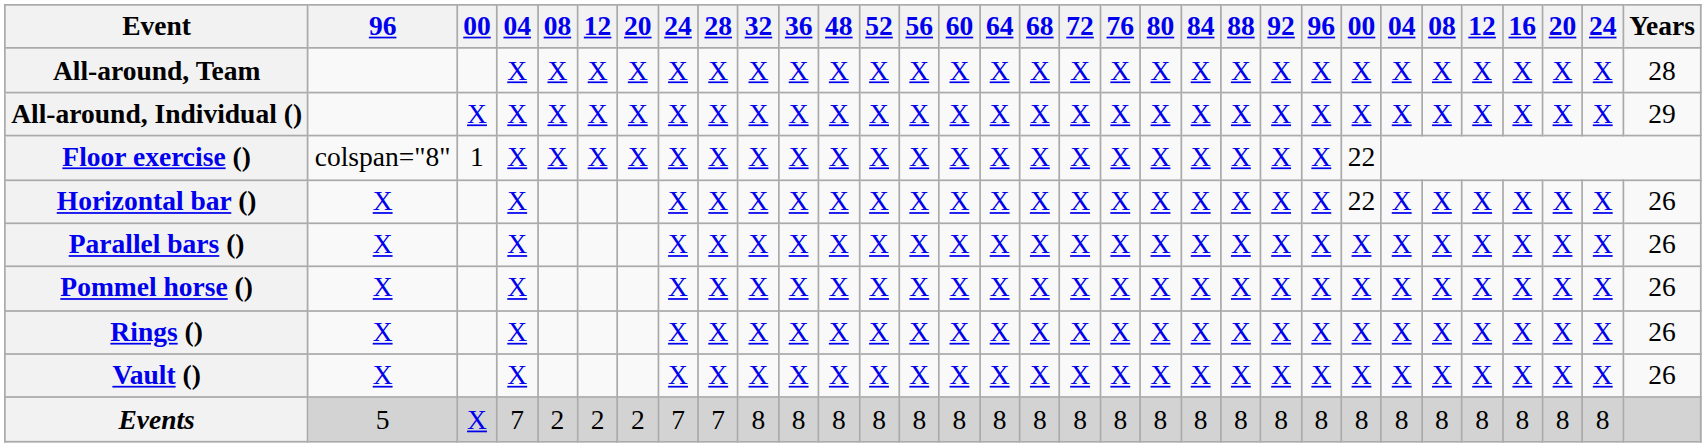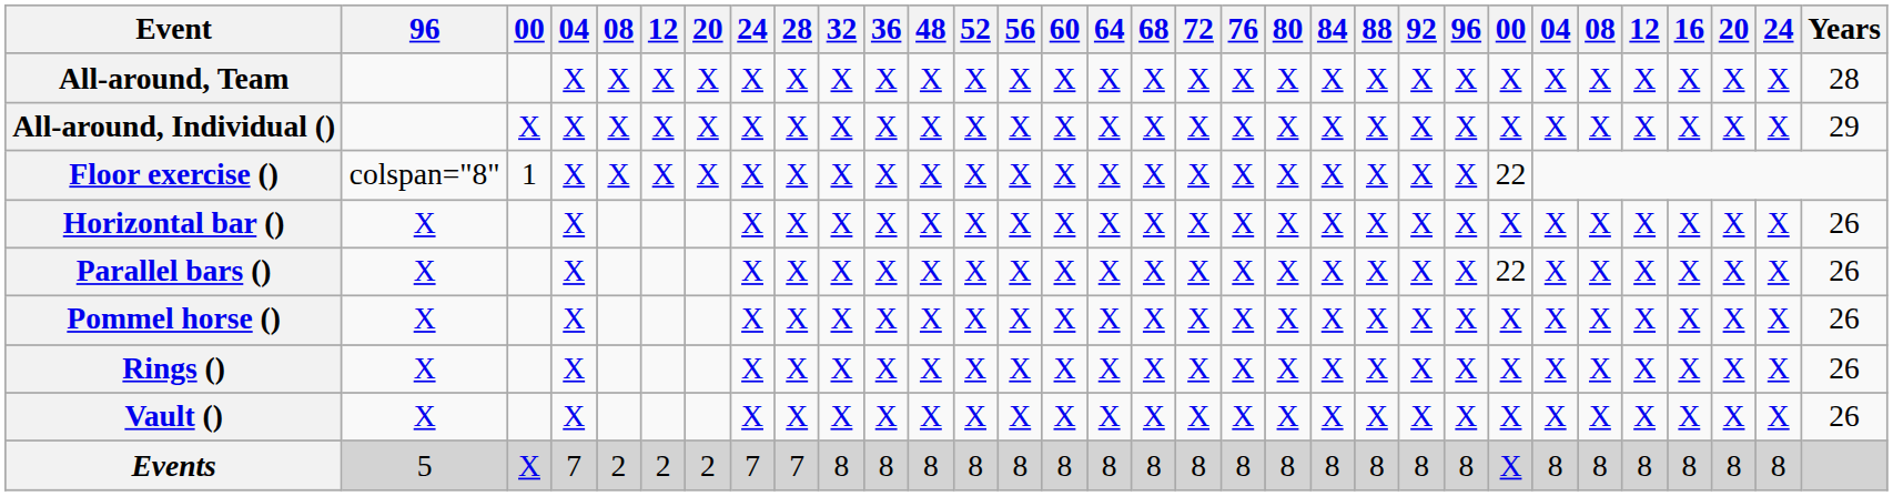 <table class="wikitable plainrowheaders sticky-header" style="text-align:center;">
 <tr>
 <th scope="col">Event</th>
 <th scope="col"><a href='#'>96</a></th>
 <th scope="col"><a href='#'>00</a></th>
 <th scope="col"><a href='#'>04</a></th>
 <th scope="col"><a href='#'>08</a></th>
 <th scope="col"><a href='#'>12</a></th>
 <th scope="col"><a href='#'>20</a></th>
 <th scope="col"><a href='#'>24</a></th>
 <th scope="col"><a href='#'>28</a></th>
 <th scope="col"><a href='#'>32</a></th>
 <th scope="col"><a href='#'>36</a></th>
 <th scope="col"><a href='#'>48</a></th>
 <th scope="col"><a href='#'>52</a></th>
 <th scope="col"><a href='#'>56</a></th>
 <th scope="col"><a href='#'>60</a></th>
 <th scope="col"><a href='#'>64</a></th>
 <th scope="col"><a href='#'>68</a></th>
 <th scope="col"><a href='#'>72</a></th>
 <th scope="col"><a href='#'>76</a></th>
 <th scope="col"><a href='#'>80</a></th>
 <th scope="col"><a href='#'>84</a></th>
 <th scope="col"><a href='#'>88</a></th>
 <th scope="col"><a href='#'>92</a></th>
 <th scope="col"><a href='#'>96</a></th>
 <th scope="col"><a href='#'>00</a></th>
 <th scope="col"><a href='#'>04</a></th>
 <th scope="col"><a href='#'>08</a></th>
 <th scope="col"><a href='#'>12</a></th>
 <th scope="col"><a href='#'>16</a></th>
 <th scope="col"><a href='#'>20</a></th>
 <th scope="col"><a href='#'>24</a></th>
 <th scope="col">Years</th>
 </tr>
 <tr>
 <th scope="row">All-around, Team</th>
 <td></td>
 <td></td>
 <td><a href='#'>X</a></td>
 <td><a href='#'>X</a></td>
 <td><a href='#'>X</a></td>
 <td><a href='#'>X</a></td>
 <td><a href='#'>X</a></td>
 <td><a href='#'>X</a></td>
 <td><a href='#'>X</a></td>
 <td><a href='#'>X</a></td>
 <td><a href='#'>X</a></td>
 <td><a href='#'>X</a></td>
 <td><a href='#'>X</a></td>
 <td><a href='#'>X</a></td>
 <td><a href='#'>X</a></td>
 <td><a href='#'>X</a></td>
 <td><a href='#'>X</a></td>
 <td><a href='#'>X</a></td>
 <td><a href='#'>X</a></td>
 <td><a href='#'>X</a></td>
 <td><a href='#'>X</a></td>
 <td><a href='#'>X</a></td>
 <td><a href='#'>X</a></td>
 <td><a href='#'>X</a></td>
 <td><a href='#'>X</a></td>
 <td><a href='#'>X</a></td>
 <td><a href='#'>X</a></td>
 <td><a href='#'>X</a></td>
 <td><a href='#'>X</a></td>
 <td><a href='#'>X</a></td>
 <td>28</td>
 </tr>
 <tr>
 <th scope="row">All-around, Individual ()</th>
 <td></td>
 <td><a href='#'>X</a></td>
 <td><a href='#'>X</a></td>
 <td><a href='#'>X</a></td>
 <td><a href='#'>X</a></td>
 <td><a href='#'>X</a></td>
 <td><a href='#'>X</a></td>
 <td><a href='#'>X</a></td>
 <td><a href='#'>X</a></td>
 <td><a href='#'>X</a></td>
 <td><a href='#'>X</a></td>
 <td><a href='#'>X</a></td>
 <td><a href='#'>X</a></td>
 <td><a href='#'>X</a></td>
 <td><a href='#'>X</a></td>
 <td><a href='#'>X</a></td>
 <td><a href='#'>X</a></td>
 <td><a href='#'>X</a></td>
 <td><a href='#'>X</a></td>
 <td><a href='#'>X</a></td>
 <td><a href='#'>X</a></td>
 <td><a href='#'>X</a></td>
 <td><a href='#'>X</a></td>
 <td><a href='#'>X</a></td>
 <td><a href='#'>X</a></td>
 <td><a href='#'>X</a></td>
 <td><a href='#'>X</a></td>
 <td><a href='#'>X</a></td>
 <td><a href='#'>X</a></td>
 <td><a href='#'>X</a></td>
 <td>29</td>
 </tr>
 <tr>
 <th scope="row"><a href='#'>Floor exercise</a> ()</th>
 <td>colspan="8"</td>
 <td>1</td>
 <td><a href='#'>X</a></td>
 <td><a href='#'>X</a></td>
 <td><a href='#'>X</a></td>
 <td><a href='#'>X</a></td>
 <td><a href='#'>X</a></td>
 <td><a href='#'>X</a></td>
 <td><a href='#'>X</a></td>
 <td><a href='#'>X</a></td>
 <td><a href='#'>X</a></td>
 <td><a href='#'>X</a></td>
 <td><a href='#'>X</a></td>
 <td><a href='#'>X</a></td>
 <td><a href='#'>X</a></td>
 <td><a href='#'>X</a></td>
 <td><a href='#'>X</a></td>
 <td><a href='#'>X</a></td>
 <td><a href='#'>X</a></td>
 <td><a href='#'>X</a></td>
 <td><a href='#'>X</a></td>
 <td><a href='#'>X</a></td>
 <td><a href='#'>X</a></td>
 <td>22</td>
 </tr>
 <tr>
 <th scope="row"><a href='#'>Horizontal bar</a> ()</th>
 <td><a href='#'>X</a></td>
 <td></td>
 <td><a href='#'>X</a></td>
 <td></td>
 <td></td>
 <td></td>
 <td><a href='#'>X</a></td>
 <td><a href='#'>X</a></td>
 <td><a href='#'>X</a></td>
 <td><a href='#'>X</a></td>
 <td><a href='#'>X</a></td>
 <td><a href='#'>X</a></td>
 <td><a href='#'>X</a></td>
 <td><a href='#'>X</a></td>
 <td><a href='#'>X</a></td>
 <td><a href='#'>X</a></td>
 <td><a href='#'>X</a></td>
 <td><a href='#'>X</a></td>
 <td><a href='#'>X</a></td>
 <td><a href='#'>X</a></td>
 <td><a href='#'>X</a></td>
 <td><a href='#'>X</a></td>
 <td><a href='#'>X</a></td>
-<td>22</td>
+<td><a href='#'>X</a></td>
 <td><a href='#'>X</a></td>
 <td><a href='#'>X</a></td>
 <td><a href='#'>X</a></td>
 <td><a href='#'>X</a></td>
 <td><a href='#'>X</a></td>
 <td><a href='#'>X</a></td>
 <td>26</td>
 </tr>
 <tr>
 <th scope="row"><a href='#'>Parallel bars</a> ()</th>
 <td><a href='#'>X</a></td>
 <td></td>
 <td><a href='#'>X</a></td>
 <td></td>
 <td></td>
 <td></td>
 <td><a href='#'>X</a></td>
 <td><a href='#'>X</a></td>
 <td><a href='#'>X</a></td>
 <td><a href='#'>X</a></td>
 <td><a href='#'>X</a></td>
 <td><a href='#'>X</a></td>
 <td><a href='#'>X</a></td>
 <td><a href='#'>X</a></td>
 <td><a href='#'>X</a></td>
 <td><a href='#'>X</a></td>
 <td><a href='#'>X</a></td>
 <td><a href='#'>X</a></td>
 <td><a href='#'>X</a></td>
 <td><a href='#'>X</a></td>
 <td><a href='#'>X</a></td>
 <td><a href='#'>X</a></td>
 <td><a href='#'>X</a></td>
-<td><a href='#'>X</a></td>
+<td>22</td>
 <td><a href='#'>X</a></td>
 <td><a href='#'>X</a></td>
 <td><a href='#'>X</a></td>
 <td><a href='#'>X</a></td>
 <td><a href='#'>X</a></td>
 <td><a href='#'>X</a></td>
 <td>26</td>
 </tr>
 <tr>
 <th scope="row"><a href='#'>Pommel horse</a> ()</th>
 <td><a href='#'>X</a></td>
 <td></td>
 <td><a href='#'>X</a></td>
 <td></td>
 <td></td>
 <td></td>
 <td><a href='#'>X</a></td>
 <td><a href='#'>X</a></td>
 <td><a href='#'>X</a></td>
 <td><a href='#'>X</a></td>
 <td><a href='#'>X</a></td>
 <td><a href='#'>X</a></td>
 <td><a href='#'>X</a></td>
 <td><a href='#'>X</a></td>
 <td><a href='#'>X</a></td>
 <td><a href='#'>X</a></td>
 <td><a href='#'>X</a></td>
 <td><a href='#'>X</a></td>
 <td><a href='#'>X</a></td>
 <td><a href='#'>X</a></td>
 <td><a href='#'>X</a></td>
 <td><a href='#'>X</a></td>
 <td><a href='#'>X</a></td>
 <td><a href='#'>X</a></td>
 <td><a href='#'>X</a></td>
 <td><a href='#'>X</a></td>
 <td><a href='#'>X</a></td>
 <td><a href='#'>X</a></td>
 <td><a href='#'>X</a></td>
 <td><a href='#'>X</a></td>
 <td>26</td>
 </tr>
 <tr>
 <th scope="row"><a href='#'>Rings</a> ()</th>
 <td><a href='#'>X</a></td>
 <td></td>
 <td><a href='#'>X</a></td>
 <td></td>
 <td></td>
 <td></td>
 <td><a href='#'>X</a></td>
 <td><a href='#'>X</a></td>
 <td><a href='#'>X</a></td>
 <td><a href='#'>X</a></td>
 <td><a href='#'>X</a></td>
 <td><a href='#'>X</a></td>
 <td><a href='#'>X</a></td>
 <td><a href='#'>X</a></td>
 <td><a href='#'>X</a></td>
 <td><a href='#'>X</a></td>
 <td><a href='#'>X</a></td>
 <td><a href='#'>X</a></td>
 <td><a href='#'>X</a></td>
 <td><a href='#'>X</a></td>
 <td><a href='#'>X</a></td>
 <td><a href='#'>X</a></td>
 <td><a href='#'>X</a></td>
 <td><a href='#'>X</a></td>
 <td><a href='#'>X</a></td>
 <td><a href='#'>X</a></td>
 <td><a href='#'>X</a></td>
 <td><a href='#'>X</a></td>
 <td><a href='#'>X</a></td>
 <td><a href='#'>X</a></td>
 <td>26</td>
 </tr>
 <tr>
 <th scope="row"><a href='#'>Vault</a> ()</th>
 <td><a href='#'>X</a></td>
 <td></td>
 <td><a href='#'>X</a></td>
 <td></td>
 <td></td>
 <td></td>
 <td><a href='#'>X</a></td>
 <td><a href='#'>X</a></td>
 <td><a href='#'>X</a></td>
 <td><a href='#'>X</a></td>
 <td><a href='#'>X</a></td>
 <td><a href='#'>X</a></td>
 <td><a href='#'>X</a></td>
 <td><a href='#'>X</a></td>
 <td><a href='#'>X</a></td>
 <td><a href='#'>X</a></td>
 <td><a href='#'>X</a></td>
 <td><a href='#'>X</a></td>
 <td><a href='#'>X</a></td>
 <td><a href='#'>X</a></td>
 <td><a href='#'>X</a></td>
 <td><a href='#'>X</a></td>
 <td><a href='#'>X</a></td>
 <td><a href='#'>X</a></td>
 <td><a href='#'>X</a></td>
 <td><a href='#'>X</a></td>
 <td><a href='#'>X</a></td>
 <td><a href='#'>X</a></td>
 <td><a href='#'>X</a></td>
 <td><a href='#'>X</a></td>
 <td>26</td>
 </tr>
 <tr bgcolor=lightgray>
 <th scope="row"><em>Events</em></th>
 <td>5</td>
 <td><a href='#'>X</a></td>
 <td>7</td>
 <td>2</td>
 <td>2</td>
 <td>2</td>
 <td>7</td>
 <td>7</td>
 <td>8</td>
 <td>8</td>
 <td>8</td>
 <td>8</td>
 <td>8</td>
 <td>8</td>
 <td>8</td>
 <td>8</td>
 <td>8</td>
 <td>8</td>
 <td>8</td>
 <td>8</td>
 <td>8</td>
 <td>8</td>
 <td>8</td>
-<td>8</td>
+<td><a href='#'>X</a></td>
 <td>8</td>
 <td>8</td>
 <td>8</td>
 <td>8</td>
 <td>8</td>
 <td>8</td>
 <td></td>
 </tr>
 </table>
